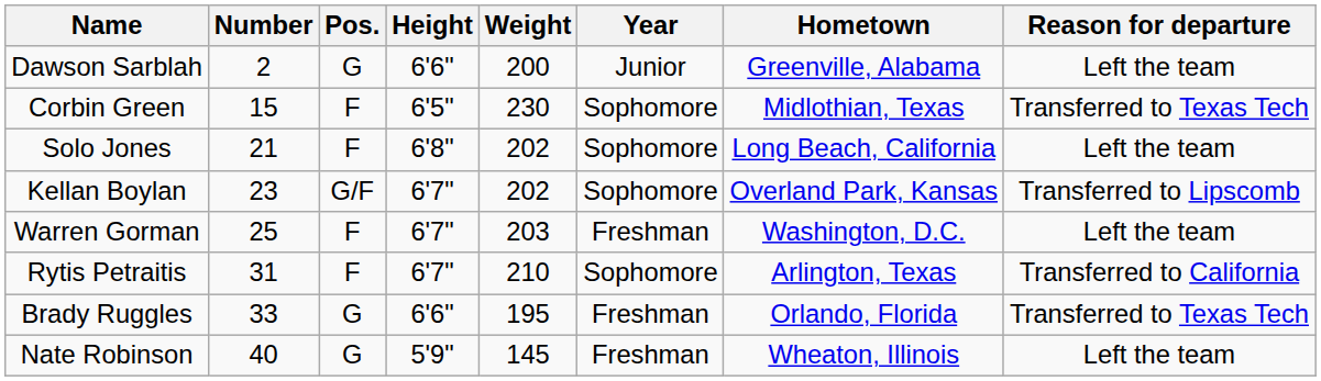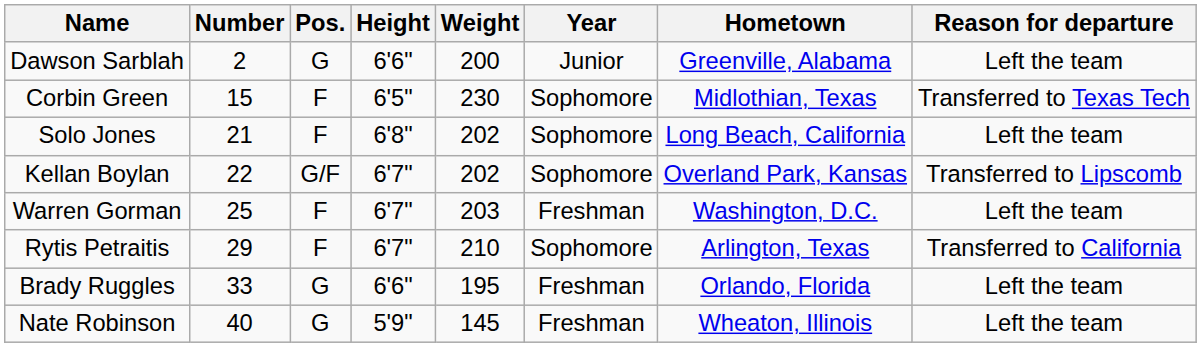 <table class="wikitable sortable" style="text-align:center">
 <tr align=center>
 <th>Name</th>
 <th>Number</th>
 <th>Pos.</th>
 <th>Height</th>
 <th>Weight</th>
 <th>Year</th>
 <th>Hometown</th>
 <th class="unsortable">Reason for departure</th>
 </tr>
 <tr>
 <td>Dawson Sarblah</td>
 <td>2</td>
 <td>G</td>
 <td>6'6"</td>
 <td>200</td>
 <td>Junior</td>
 <td><a href='#'>Greenville, Alabama</a></td>
 <td>Left the team</td>
 </tr>
 <tr>
 <td>Corbin Green</td>
 <td>15</td>
 <td>F</td>
 <td>6'5"</td>
 <td>230</td>
 <td>Sophomore</td>
 <td><a href='#'>Midlothian, Texas</a></td>
 <td>Transferred to <a href='#'>Texas Tech</a></td>
 </tr>
 <tr>
 <td>Solo Jones</td>
 <td>21</td>
 <td>F</td>
 <td>6'8"</td>
 <td>202</td>
 <td>Sophomore</td>
 <td><a href='#'>Long Beach, California</a></td>
 <td>Left the team</td>
 </tr>
 <tr>
 <td>Kellan Boylan</td>
-<td>23</td>
+<td>22</td>
 <td>G/F</td>
 <td>6'7"</td>
 <td>202</td>
 <td>Sophomore</td>
 <td><a href='#'>Overland Park, Kansas</a></td>
 <td>Transferred to <a href='#'>Lipscomb</a></td>
 </tr>
 <tr>
 <td>Warren Gorman</td>
 <td>25</td>
 <td>F</td>
 <td>6'7"</td>
 <td>203</td>
 <td>Freshman</td>
 <td><a href='#'>Washington, D.C.</a></td>
 <td>Left the team</td>
 </tr>
 <tr>
 <td>Rytis Petraitis</td>
-<td>31</td>
+<td>29</td>
 <td>F</td>
 <td>6'7"</td>
 <td>210</td>
 <td>Sophomore</td>
 <td><a href='#'>Arlington, Texas</a></td>
 <td>Transferred to <a href='#'>California</a></td>
 </tr>
 <tr>
 <td>Brady Ruggles</td>
 <td>33</td>
 <td>G</td>
 <td>6'6"</td>
 <td>195</td>
 <td>Freshman</td>
 <td><a href='#'>Orlando, Florida</a></td>
-<td>Transferred to <a href='#'>Texas Tech</a></td>
+<td>Left the team</td>
 </tr>
 <tr>
 <td>Nate Robinson</td>
 <td>40</td>
 <td>G</td>
 <td>5'9"</td>
 <td>145</td>
 <td>Freshman</td>
 <td><a href='#'>Wheaton, Illinois</a></td>
 <td>Left the team</td>
 </tr>
 </table>
